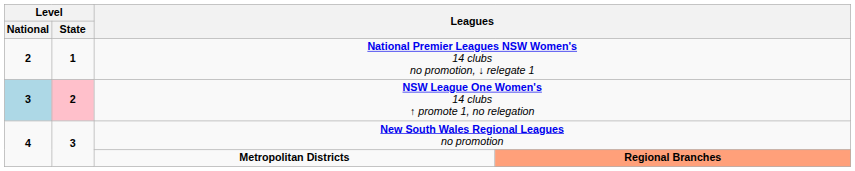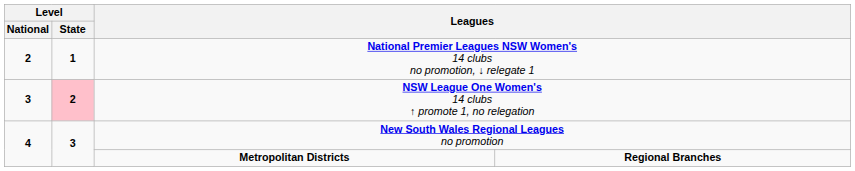 <table class="wikitable" style="text-align:center; width:100%;">
 <tr>
 <th colspan=2>Level</th>
 <th colspan=2 rowspan=2>Leagues</th>
 </tr>
 <tr>
 <th width=5%>National</th>
 <th width=5%>State</th>
 </tr>
 <tr>
 <td><strong>2</strong></td>
 <td><strong>1</strong></td>
 <td colspan=2><strong><a href='#'>National Premier Leagues NSW Women's</a></strong><br><em>14 clubs</em><br><em>no promotion, ↓ relegate 1</em></td>
 </tr>
 <tr>
-<td style="background: lightblue;"><strong>3</strong></td>
+<td><strong>3</strong></td>
 <td style="background: pink;"><strong>2</strong></td>
 <td colspan=2><strong><a href='#'>NSW League One Women's</a></strong><br><em>14 clubs</em><br><em>↑ promote 1, no relegation</em></td>
 </tr>
 <tr>
 <td rowspan=4><strong>4</strong></td>
 <td rowspan=4><strong>3</strong></td>
 <td colspan=2><strong><a href='#'>New South Wales Regional Leagues</a></strong><br><em>no promotion</em></td>
 </tr>
 <tr>
 <td colspan=1><strong>Metropolitan Districts</strong></td>
-<td colspan=1 style="background: lightsalmon;"><strong>Regional Branches</strong></td>
+<td colspan=1><strong>Regional Branches</strong></td>
 </tr>
 </table>
